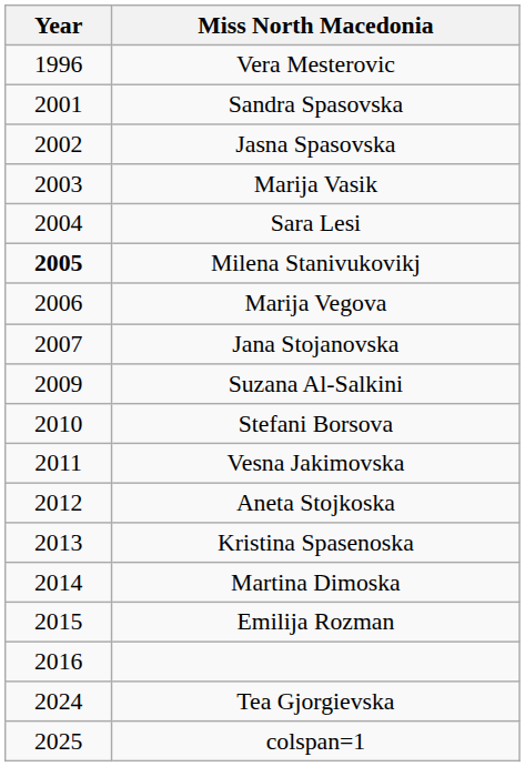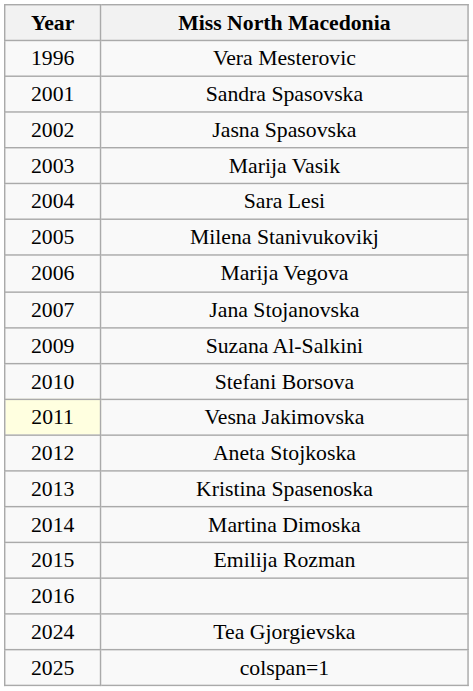 <table class="wikitable sortable" style="font-size: 95%; text-align:center">
 <tr>
 <th width="60">Year</th>
 <th width="250">Miss North Macedonia</th>
 </tr>
 <tr>
 <td>1996</td>
 <td>Vera Mesterovic</td>
 </tr>
 <tr>
 <td>2001</td>
 <td>Sandra Spasovska</td>
 </tr>
 <tr>
 <td>2002</td>
 <td>Jasna Spasovska</td>
 </tr>
 <tr>
 <td>2003</td>
 <td>Marija Vasik</td>
 </tr>
 <tr>
 <td>2004</td>
 <td>Sara Lesi</td>
 </tr>
 <tr>
-<td><strong>2005</strong></td>
+<td>2005</td>
 <td>Milena Stanivukovikj</td>
 </tr>
 <tr>
 <td>2006</td>
 <td>Marija Vegova</td>
 </tr>
 <tr>
 <td>2007</td>
 <td>Jana Stojanovska</td>
 </tr>
 <tr>
 <td>2009</td>
 <td>Suzana Al-Salkini</td>
 </tr>
 <tr>
 <td>2010</td>
 <td>Stefani Borsova</td>
 </tr>
 <tr>
-<td>2011</td>
+<td style="background: lightyellow;">2011</td>
 <td>Vesna Jakimovska</td>
 </tr>
 <tr>
 <td>2012</td>
 <td>Aneta Stojkoska</td>
 </tr>
 <tr>
 <td>2013</td>
 <td>Kristina Spasenoska</td>
 </tr>
 <tr>
 <td>2014</td>
 <td>Martina Dimoska</td>
 </tr>
 <tr>
 <td>2015</td>
 <td>Emilija Rozman</td>
 </tr>
 <tr>
 <td>2016</td>
 <td></td>
 </tr>
 <tr>
 <td>2024</td>
 <td>Tea Gjorgievska</td>
 </tr>
 <tr>
 <td>2025</td>
 <td>colspan=1 </td>
 </tr>
 </table>
